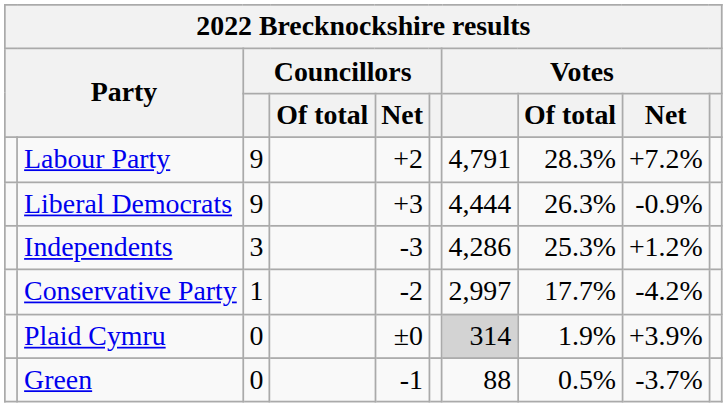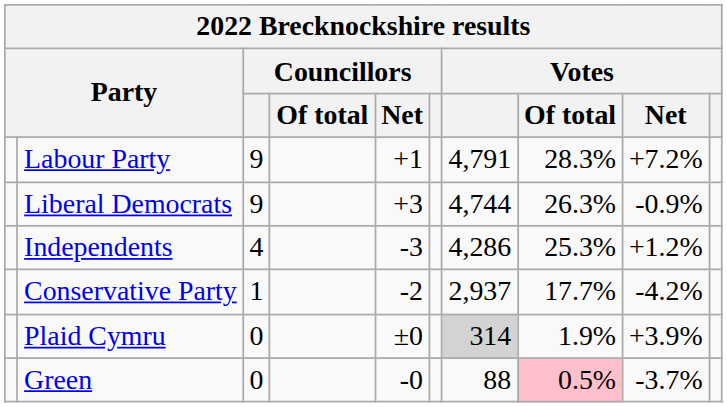 <table class="wikitable sortable" style="text-align:center;">
 <tr>
 <th colspan="10">2022 Brecknockshire results </th>
 </tr>
 <tr>
 <th colspan="2" rowspan="2">Party</th>
 <th colspan="4">Councillors</th>
 <th colspan="4">Votes</th>
 </tr>
 <tr>
 <th></th>
 <th>Of total</th>
 <th>Net</th>
 <th class="unsortable"></th>
 <th></th>
 <th>Of total</th>
 <th>Net</th>
 <th class="unsortable"></th>
 </tr>
 <tr>
 <td style="background:"></td>
 <td style="text-align:left;"><a href='#'>Labour Party</a></td>
 <td style="text-align:right;">9</td>
 <td style="text-align:right;"></td>
-<td style="text-align:right;">+2</td>
+<td style="text-align:right;">+1</td>
 <td data-sort-value=""></td>
 <td style="text-align:right;">4,791</td>
 <td style="text-align:right;">28.3%</td>
 <td style="text-align:right;">+7.2%</td>
 <td></td>
 </tr>
 <tr>
 <td style="background:"></td>
 <td style="text-align:left;"><a href='#'>Liberal Democrats</a></td>
 <td style="text-align:right;">9</td>
 <td style="text-align:right;"></td>
 <td style="text-align:right;">+3</td>
 <td data-sort-value=""></td>
-<td style="text-align:right;">4,444</td>
+<td style="text-align:right;">4,744</td>
 <td style="text-align:right;">26.3%</td>
 <td style="text-align:right;">-0.9%</td>
 <td></td>
 </tr>
 <tr>
 <td style="background:"></td>
 <td style="text-align:left;"><a href='#'>Independents</a></td>
-<td style="text-align:right;">3</td>
+<td style="text-align:right;">4</td>
 <td style="text-align:right;"></td>
 <td style="text-align:right;">-3</td>
 <td data-sort-value=""></td>
 <td style="text-align:right;">4,286</td>
 <td style="text-align:right;">25.3%</td>
 <td style="text-align:right;">+1.2%</td>
 <td></td>
 </tr>
 <tr>
 <td style="background:"></td>
 <td style="text-align:left;"><a href='#'>Conservative Party</a></td>
 <td style="text-align:right;">1</td>
 <td style="text-align:right;"></td>
 <td style="text-align:right;">-2</td>
 <td data-sort-value=""></td>
-<td style="text-align:right;">2,997</td>
+<td style="text-align:right;">2,937</td>
 <td style="text-align:right;">17.7%</td>
 <td style="text-align:right;">-4.2%</td>
 <td></td>
 </tr>
 <tr>
 <td style="background:"></td>
 <td style="text-align:left;"><a href='#'>Plaid Cymru</a></td>
 <td style="text-align:right;">0</td>
 <td style="text-align:right;"></td>
 <td style="text-align:right;">±0</td>
 <td data-sort-value=""></td>
 <td style="background: lightgrey; text-align:right;">314</td>
 <td style="text-align:right;">1.9%</td>
 <td style="text-align:right;">+3.9%</td>
 <td></td>
 </tr>
 <tr>
 <td style="background:"></td>
 <td style="text-align:left;"><a href='#'>Green</a></td>
 <td style="text-align:right;">0</td>
 <td style="text-align:right;"></td>
-<td style="text-align:right;">-1</td>
+<td style="text-align:right;">-0</td>
 <td data-sort-value=""></td>
 <td style="text-align:right;">88</td>
-<td style="text-align:right;">0.5%</td>
+<td style="background: pink; text-align:right;">0.5%</td>
 <td style="text-align:right;">-3.7%</td>
 <td></td>
 </tr>
 </table>
